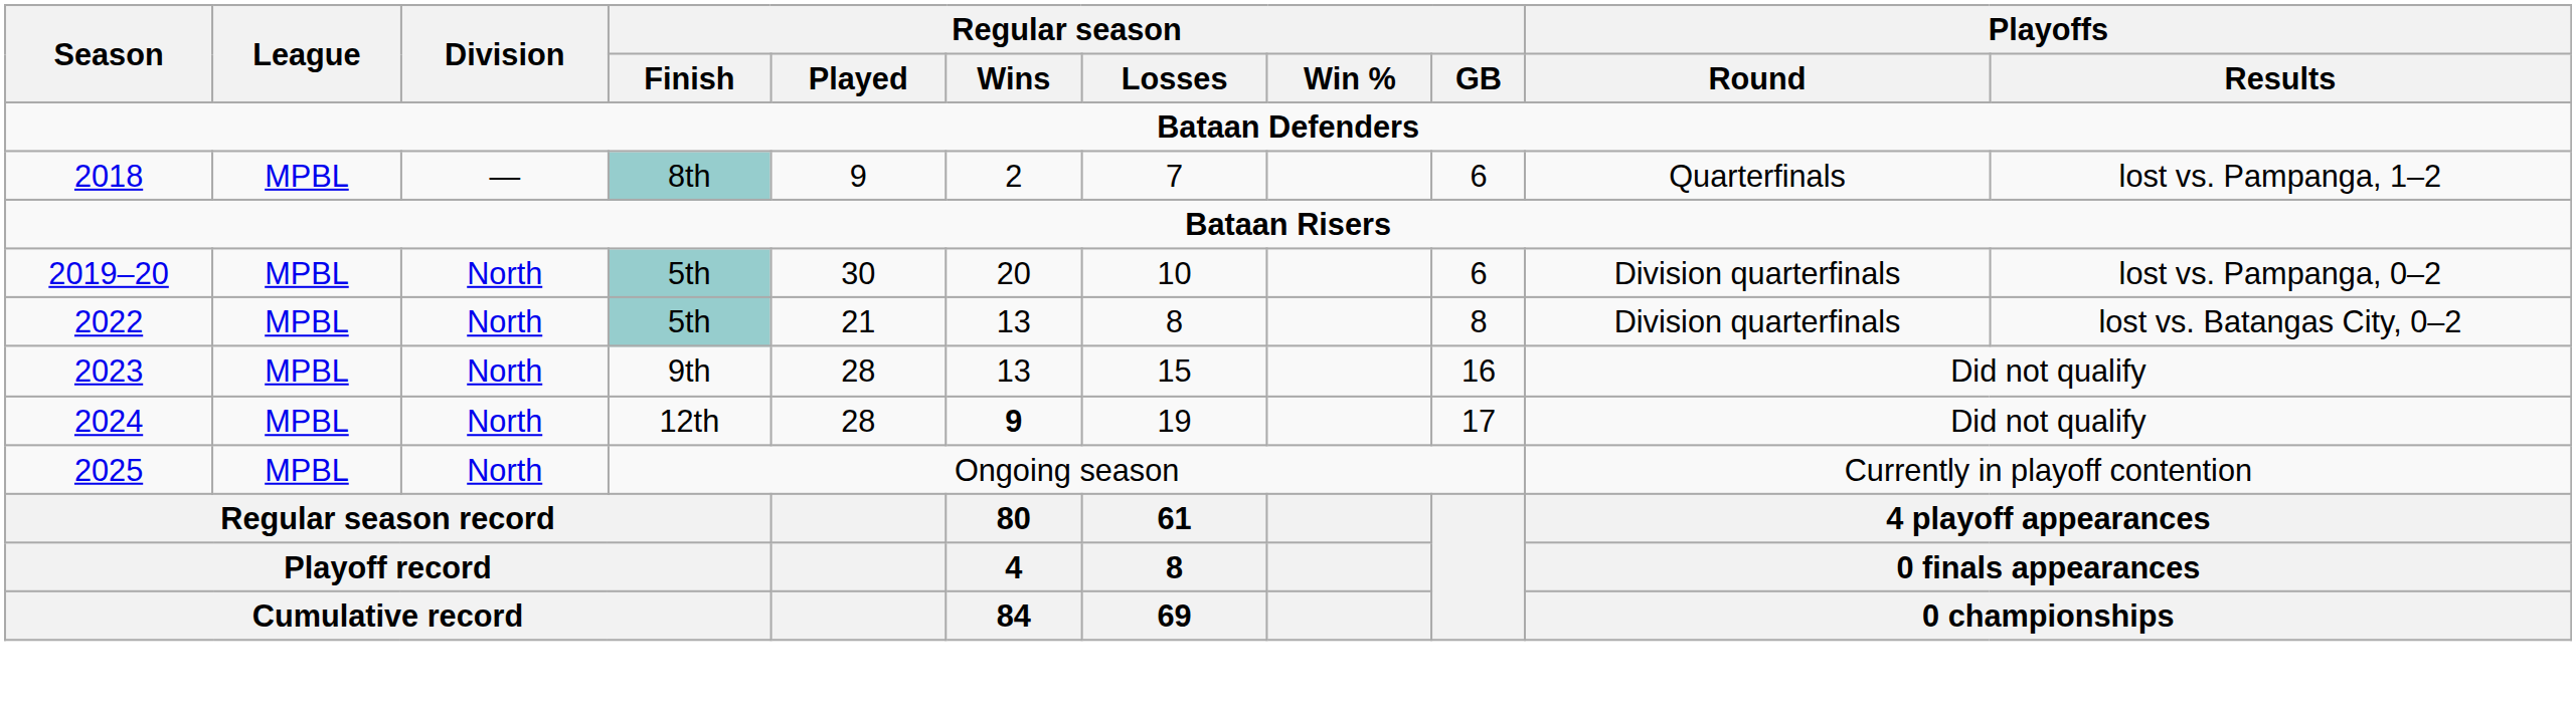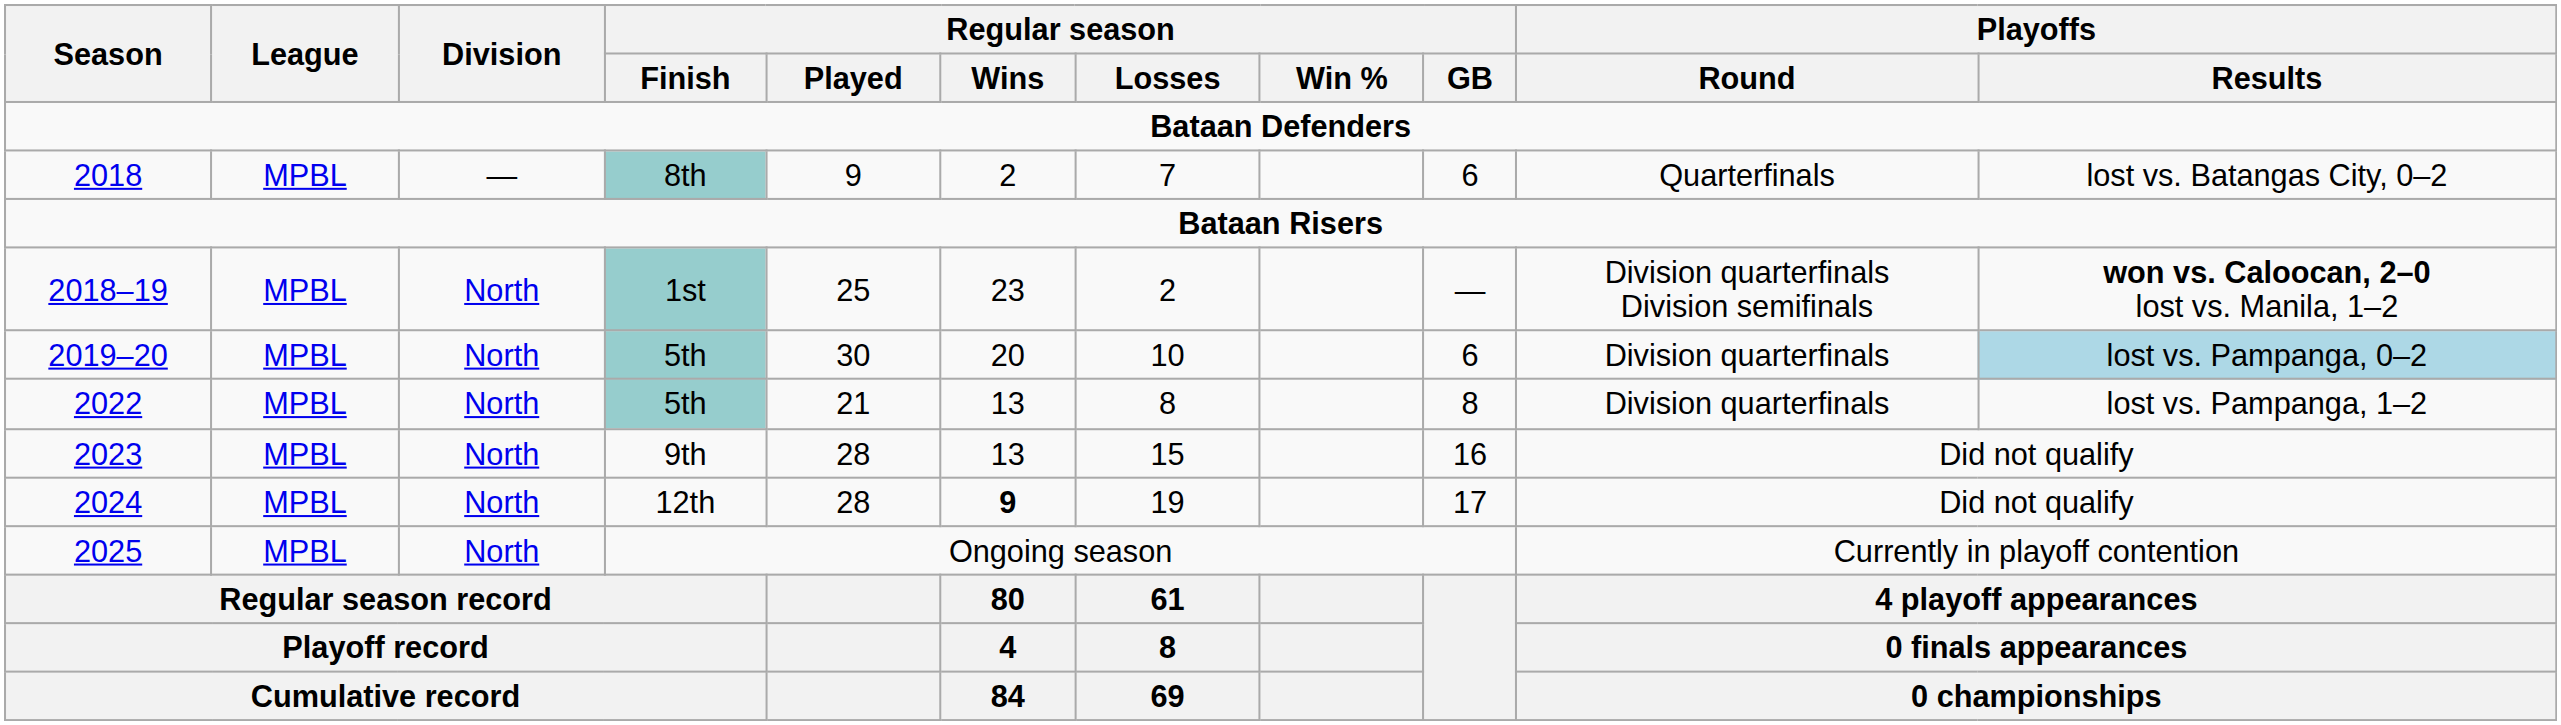 <table class="wikitable" style="width:100%; text-align:center; font-size:95%">
 <tr>
 <th rowspan=2>Season</th>
 <th rowspan=2>League</th>
 <th rowspan=2>Division</th>
 <th colspan=6>Regular season</th>
 <th colspan=2>Playoffs</th>
 </tr>
 <tr>
 <th>Finish</th>
 <th>Played</th>
 <th>Wins</th>
 <th>Losses</th>
 <th>Win %</th>
 <th>GB</th>
 <th>Round</th>
 <th>Results</th>
 </tr>
 <tr>
 <td align="center" colspan="11"><strong>Bataan Defenders</strong></td>
 </tr>
 <tr>
 <td><a href='#'>2018</a></td>
 <td><a href='#'>MPBL</a></td>
 <td>—</td>
 <td bgcolor="#96CDCD">8th</td>
 <td>9</td>
 <td>2</td>
 <td>7</td>
 <td></td>
 <td>6</td>
 <td>Quarterfinals</td>
-<td>lost vs. Pampanga, 1–2</td>
+<td>lost vs. Batangas City, 0–2</td>
 </tr>
 <tr>
 <td align="center" colspan="11"><strong>Bataan Risers</strong></td>
+</tr>
+<tr>
+<td><a href='#'>2018–19</a></td>
+<td><a href='#'>MPBL</a></td>
+<td><a href='#'>North</a></td>
+<td bgcolor="#96CDCD">1st</td>
+<td>25</td>
+<td>23</td>
+<td>2</td>
+<td></td>
+<td>—</td>
+<td>Division quarterfinals <br> Division semifinals</td>
+<td><strong>won vs. Caloocan, 2–0</strong> <br> lost vs. Manila, 1–2</td>
 </tr>
 <tr>
 <td><a href='#'>2019–20</a></td>
 <td><a href='#'>MPBL</a></td>
 <td><a href='#'>North</a></td>
 <td bgcolor="#96CDCD">5th</td>
 <td>30</td>
 <td>20</td>
 <td>10</td>
 <td></td>
 <td>6</td>
 <td>Division quarterfinals</td>
-<td>lost vs. Pampanga, 0–2</td>
+<td style="background: lightblue;">lost vs. Pampanga, 0–2</td>
 </tr>
 <tr>
 <td><a href='#'>2022</a></td>
 <td><a href='#'>MPBL</a></td>
 <td><a href='#'>North</a></td>
 <td bgcolor="#96CDCD">5th</td>
 <td>21</td>
 <td>13</td>
 <td>8</td>
 <td></td>
 <td>8</td>
 <td>Division quarterfinals</td>
-<td>lost vs. Batangas City, 0–2</td>
+<td>lost vs. Pampanga, 1–2</td>
 </tr>
 <tr>
 <td><a href='#'>2023</a></td>
 <td><a href='#'>MPBL</a></td>
 <td><a href='#'>North</a></td>
 <td>9th</td>
 <td>28</td>
 <td>13</td>
 <td>15</td>
 <td></td>
 <td>16</td>
 <td colspan=2>Did not qualify</td>
 </tr>
 <tr>
 <td><a href='#'>2024</a></td>
 <td><a href='#'>MPBL</a></td>
 <td><a href='#'>North</a></td>
 <td>12th</td>
 <td>28</td>
 <td><strong>9</strong></td>
 <td>19</td>
 <td></td>
 <td>17</td>
 <td colspan=2>Did not qualify</td>
 </tr>
 <tr>
 <td><a href='#'>2025</a></td>
 <td><a href='#'>MPBL</a></td>
 <td><a href='#'>North</a></td>
 <td colspan=6>Ongoing season</td>
 <td colspan=2>Currently in playoff contention</td>
 </tr>
 <tr>
 <th colspan=4>Regular season record</th>
 <th></th>
 <th>80</th>
 <th>61</th>
 <th></th>
 <th rowspan=3></th>
 <th colspan=2>4 playoff appearances</th>
 </tr>
 <tr>
 <th colspan=4>Playoff record</th>
 <th></th>
 <th>4</th>
 <th>8</th>
 <th></th>
 <th colspan=2>0 finals appearances</th>
 </tr>
 <tr>
 <th colspan=4>Cumulative record</th>
 <th></th>
 <th>84</th>
 <th>69</th>
 <th></th>
 <th colspan=2>0 championships</th>
 </tr>
 </table>
